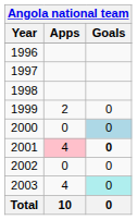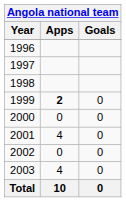 <table class="wikitable" style="text-align:center">
 <tr>
 <th colspan=3><a href='#'>Angola national team</a></th>
 </tr>
 <tr>
 <th>Year</th>
 <th>Apps</th>
 <th>Goals</th>
 </tr>
 <tr>
 </tr>
 <tr>
 <td>1996</td>
 <td></td>
 <td></td>
 </tr>
 <tr>
 <td>1997</td>
 <td></td>
 <td></td>
 </tr>
 <tr>
 <td>1998</td>
 <td></td>
 <td></td>
 </tr>
 <tr>
 <td>1999</td>
-<td>2</td>
+<td><strong>2</strong></td>
 <td>0</td>
 </tr>
 <tr>
 <td>2000</td>
 <td>0</td>
-<td style="background: lightblue;">0</td>
+<td>0</td>
 </tr>
 <tr>
 <td>2001</td>
-<td style="background: pink;">4</td>
-<td><strong>0</strong></td>
+<td>4</td>
+<td>0</td>
 </tr>
 <tr>
 <td>2002</td>
 <td>0</td>
 <td>0</td>
 </tr>
 <tr>
 <td>2003</td>
 <td>4</td>
-<td style="background: paleturquoise;">0</td>
+<td>0</td>
 </tr>
 <tr>
 <th>Total</th>
 <th>10</th>
 <th>0</th>
 </tr>
 </table>
